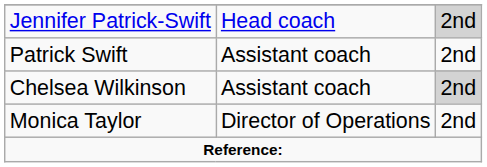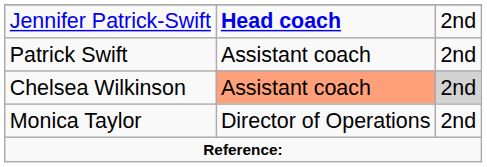 <table class="wikitable" style="font-size:93%;">
 <tr>
 </tr>
 <tr>
 <td><a href='#'>Jennifer Patrick-Swift</a></td>
-<td><a href='#'>Head coach</a></td>
-<td align=center style="background: lightgrey;">2nd</td>
+<td><strong><a href='#'>Head coach</a></strong></td>
+<td align=center>2nd</td>
 </tr>
 <tr>
 <td>Patrick Swift</td>
 <td>Assistant coach</td>
 <td align=center>2nd</td>
 </tr>
 <tr>
 <td>Chelsea Wilkinson</td>
-<td>Assistant coach</td>
+<td style="background: lightsalmon;">Assistant coach</td>
 <td align=center style="background: lightgrey;">2nd</td>
 </tr>
 <tr>
 <td>Monica Taylor</td>
 <td>Director of Operations</td>
 <td align=center>2nd</td>
 </tr>
 <tr>
 <td colspan="4"  style="font-size:8pt; text-align:center;"><strong>Reference:</strong></td>
 </tr>
 </table>
